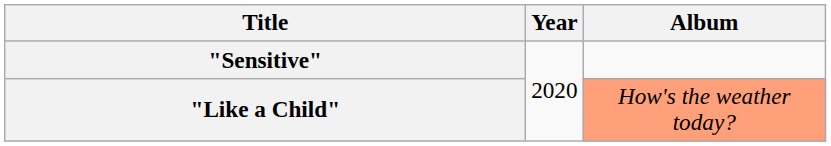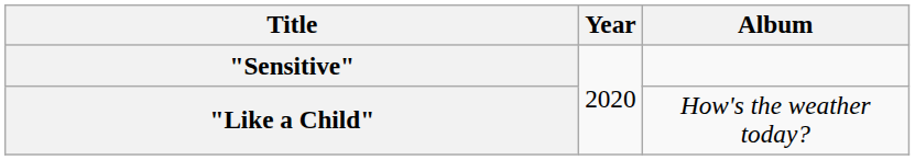 <table class="wikitable plainrowheaders" style="text-align:center;">
 <tr>
 <th scope="col" style="width:22em;">Title</th>
 <th scope="col" style="width:1em;">Year</th>
 <th scope="col" style="width:10em;">Album</th>
 </tr>
 <tr>
 <th scope="row">"Sensitive" <br></th>
 <td rowspan="2">2020</td>
 <td></td>
 </tr>
 <tr>
 <th scope="row">"Like a Child" <br></th>
-<td style="background: lightsalmon;"><em>How's the weather today? <br></em></td>
+<td><em>How's the weather today? <br></em></td>
 </tr>
 </table>
